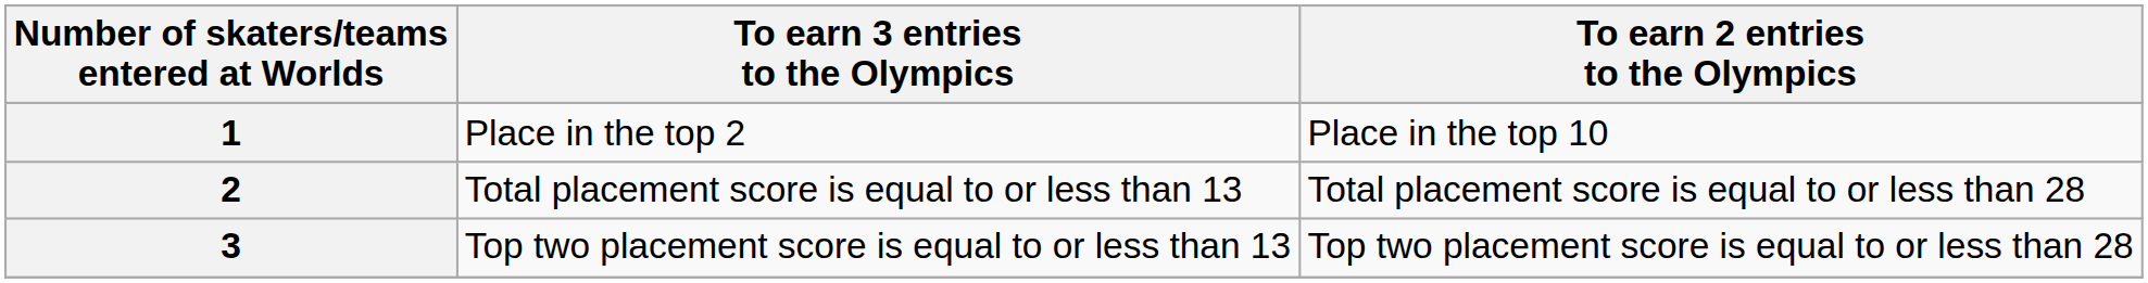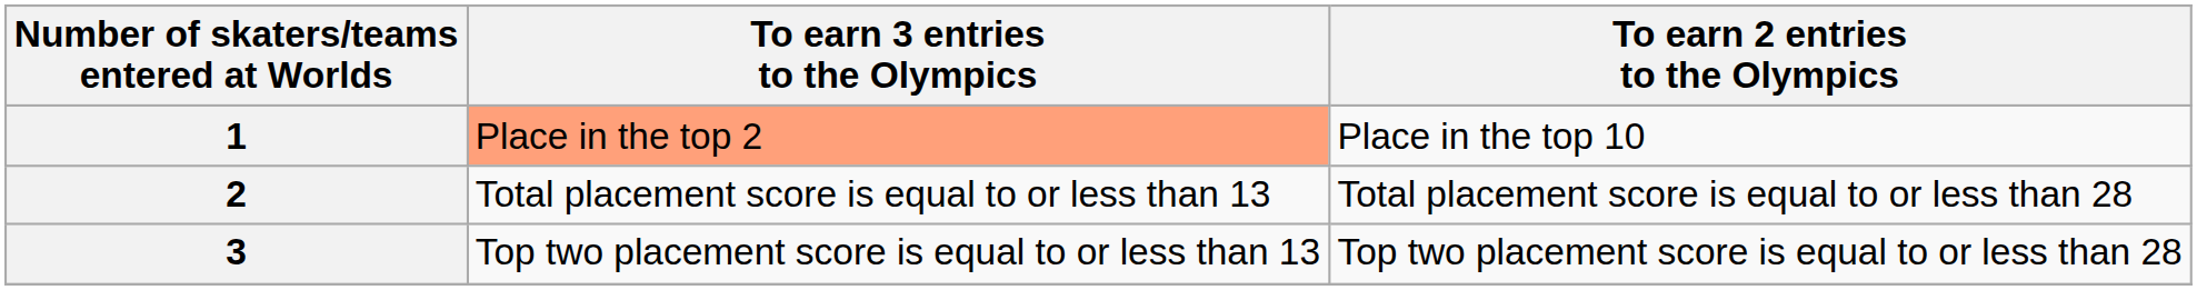 <table class="wikitable">
 <tr>
 <th>Number of skaters/teams <br> entered at Worlds</th>
 <th>To earn 3 entries <br> to the Olympics</th>
 <th>To earn 2 entries <br> to the Olympics</th>
 </tr>
 <tr>
 <th>1</th>
-<td>Place in the top 2</td>
+<td style="background: lightsalmon;">Place in the top 2</td>
 <td>Place in the top 10</td>
 </tr>
 <tr>
 <th>2</th>
 <td>Total placement score is equal to or less than 13</td>
 <td>Total placement score is equal to or less than 28</td>
 </tr>
 <tr>
 <th>3</th>
 <td>Top two placement score is equal to or less than 13</td>
 <td>Top two placement score is equal to or less than 28</td>
 </tr>
 <tr>
 </tr>
 </table>
